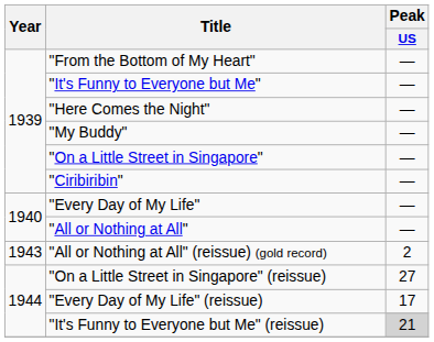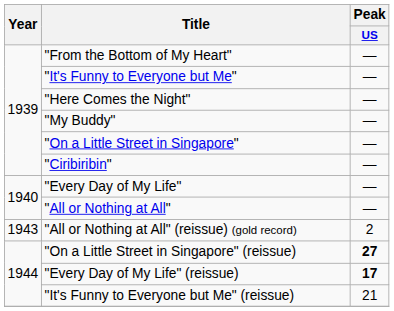 <table class="wikitable plainrowheaders" style="text-align:center">
 <tr>
 <th scope="col" rowspan="2" style="width:1em;">Year</th>
 <th scope="col" rowspan="2" style="width:22em;">Title</th>
 <th scope="col" colspan="1">Peak</th>
 </tr>
 <tr>
 <th style="width:2.5em; font-size:85%"><a href='#'>US</a></th>
 </tr>
 <tr>
 <td rowspan="6">1939</td>
 <td style="text-align:left;">"From the Bottom of My Heart"</td>
 <td>—</td>
 </tr>
 <tr>
 <td style="text-align:left;">"<a href='#'>It's Funny to Everyone but Me</a>"</td>
 <td>—</td>
 </tr>
 <tr>
 <td style="text-align:left;">"Here Comes the Night"</td>
 <td>—</td>
 </tr>
 <tr>
 <td style="text-align:left;">"My Buddy"</td>
 <td>—</td>
 </tr>
 <tr>
 <td style="text-align:left;">"<a href='#'>On a Little Street in Singapore</a>"</td>
 <td>—</td>
 </tr>
 <tr>
 <td style="text-align:left;">"<a href='#'>Ciribiribin</a>"</td>
 <td>—</td>
 </tr>
 <tr>
 <td rowspan="2">1940</td>
 <td style="text-align:left;">"Every Day of My Life"</td>
 <td>—</td>
 </tr>
 <tr>
 <td style="text-align:left;">"<a href='#'>All or Nothing at All</a>"</td>
 <td>—</td>
 </tr>
 <tr>
 <td>1943</td>
 <td style="text-align:left;">"All or Nothing at All" (reissue) <small>(gold record)</small></td>
 <td>2</td>
 </tr>
 <tr>
 <td rowspan="3">1944</td>
 <td style="text-align:left;">"On a Little Street in Singapore" (reissue)</td>
-<td>27</td>
+<td><strong>27</strong></td>
 </tr>
 <tr>
 <td style="text-align:left;">"Every Day of My Life" (reissue)</td>
-<td>17</td>
+<td><strong>17</strong></td>
 </tr>
 <tr>
 <td style="text-align:left;">"It's Funny to Everyone but Me" (reissue)</td>
-<td style="background: lightgrey;">21</td>
+<td>21</td>
 </tr>
 <tr>
 </tr>
 </table>
